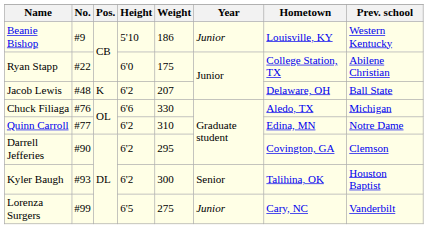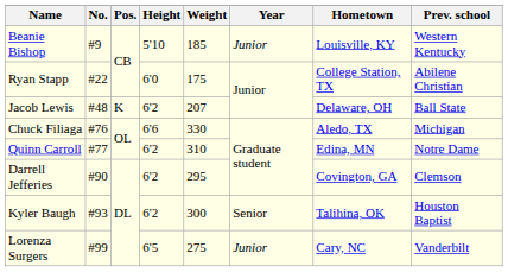 <table class="wikitable sortable sortable">
 <tr>
 </tr>
 <tr>
 <th style="text-align:center; ">Name</th>
 <th style="text-align:center; ">No.</th>
 <th style="text-align:center; ">Pos.</th>
 <th style="text-align:center; ">Height</th>
 <th style="text-align:center; ">Weight</th>
 <th style="text-align:center; ">Year</th>
 <th style="text-align:center; ">Hometown</th>
 <th style="text-align:center; ">Prev. school</th>
 </tr>
 <tr style="background:#FFFFE6;">
 <td><a href='#'>Beanie Bishop</a></td>
 <td>#9</td>
 <td rowspan = 2>CB</td>
 <td>5'10</td>
-<td>186</td>
+<td>185</td>
 <td><em> Junior</em></td>
 <td><a href='#'>Louisville, KY</a></td>
 <td><a href='#'>Western Kentucky</a></td>
 </tr>
 <tr style="background:#FFFFE6;">
 <td>Ryan Stapp</td>
 <td>#22</td>
 <td>6'0</td>
 <td>175</td>
 <td rowspan = 2>Junior</td>
 <td><a href='#'>College Station, TX</a></td>
 <td><a href='#'>Abilene Christian</a></td>
 </tr>
 <tr style="background:#FFFFE6;">
 <td>Jacob Lewis</td>
 <td>#48</td>
 <td>K</td>
 <td>6'2</td>
 <td>207</td>
 <td><a href='#'>Delaware, OH</a></td>
 <td><a href='#'>Ball State</a></td>
 </tr>
 <tr style="background:#FFFFE6;">
 <td>Chuck Filiaga</td>
 <td>#76</td>
 <td rowspan = 2>OL</td>
 <td>6'6</td>
 <td>330</td>
 <td rowspan = 3>Graduate student</td>
 <td><a href='#'>Aledo, TX</a></td>
 <td><a href='#'>Michigan</a></td>
 </tr>
 <tr style="background:#FFFFE6;">
 <td><a href='#'>Quinn Carroll</a></td>
 <td>#77</td>
 <td>6'2</td>
 <td>310</td>
 <td><a href='#'>Edina, MN</a></td>
 <td><a href='#'>Notre Dame</a></td>
 </tr>
 <tr style="background:#FFFFE6;">
 <td>Darrell Jefferies</td>
 <td>#90</td>
 <td rowspan = 3>DL</td>
 <td>6'2</td>
 <td>295</td>
 <td><a href='#'>Covington, GA</a></td>
 <td><a href='#'>Clemson</a></td>
 </tr>
 <tr style="background:#FFFFE6;">
 <td>Kyler Baugh</td>
 <td>#93</td>
 <td>6'2</td>
 <td>300</td>
 <td>Senior</td>
 <td><a href='#'>Talihina, OK</a></td>
 <td><a href='#'>Houston Baptist</a></td>
 </tr>
 <tr style="background:#FFFFE6;">
 <td>Lorenza Surgers</td>
 <td>#99</td>
 <td>6'5</td>
 <td>275</td>
 <td><em> Junior</em></td>
 <td><a href='#'>Cary, NC</a></td>
 <td><a href='#'>Vanderbilt</a></td>
 </tr>
 </table>
